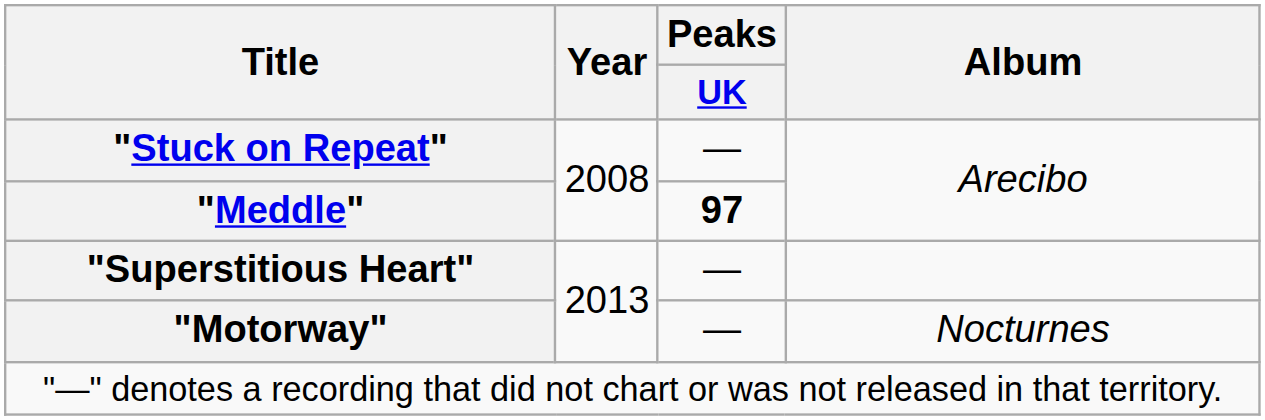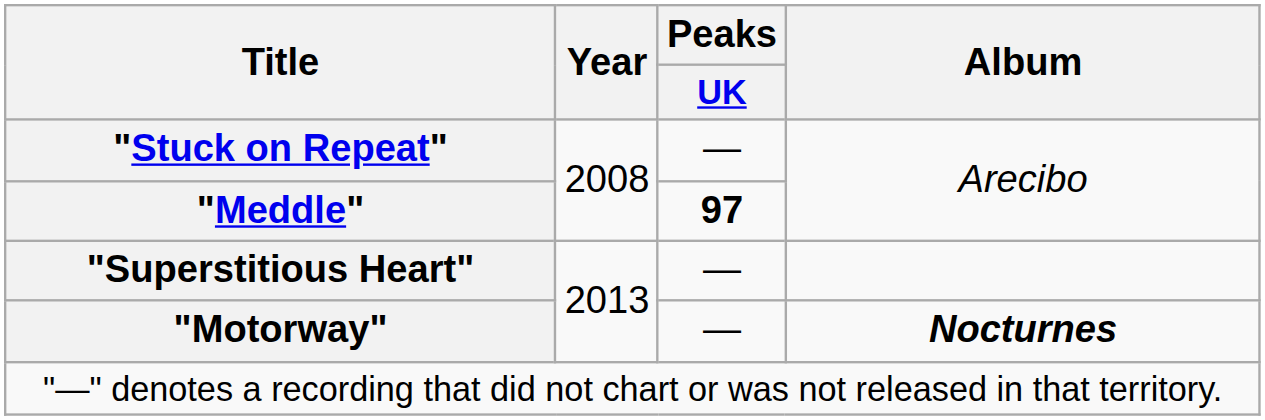 <table class="wikitable plainrowheaders" style="text-align:center">
 <tr>
 <th scope="col" rowspan="2" style="width:14em;">Title</th>
 <th scope="col" rowspan="2">Year</th>
 <th scope="col">Peaks</th>
 <th scope="col" rowspan="2" style="width:12em;">Album</th>
 </tr>
 <tr>
 <th style="width:2.5em;font-size:90%"><a href='#'>UK</a><br></th>
 </tr>
 <tr>
 <th scope="row">"<a href='#'>Stuck on Repeat</a>"</th>
 <td rowspan="2">2008</td>
 <td>—</td>
 <td rowspan="2"><em>Arecibo</em></td>
 </tr>
 <tr>
 <th scope="row">"<a href='#'>Meddle</a>"</th>
 <td><strong>97</strong></td>
 </tr>
 <tr>
 <th scope="row">"Superstitious Heart"</th>
 <td rowspan="2">2013</td>
 <td>—</td>
 <td></td>
 </tr>
 <tr>
 <th scope="row">"Motorway"</th>
 <td>—</td>
-<td><em>Nocturnes</em></td>
+<td><strong><em>Nocturnes</em></strong></td>
 </tr>
 <tr>
 <td colspan="4" style="font-size:90%">"—" denotes a recording that did not chart or was not released in that territory.</td>
 </tr>
 </table>
